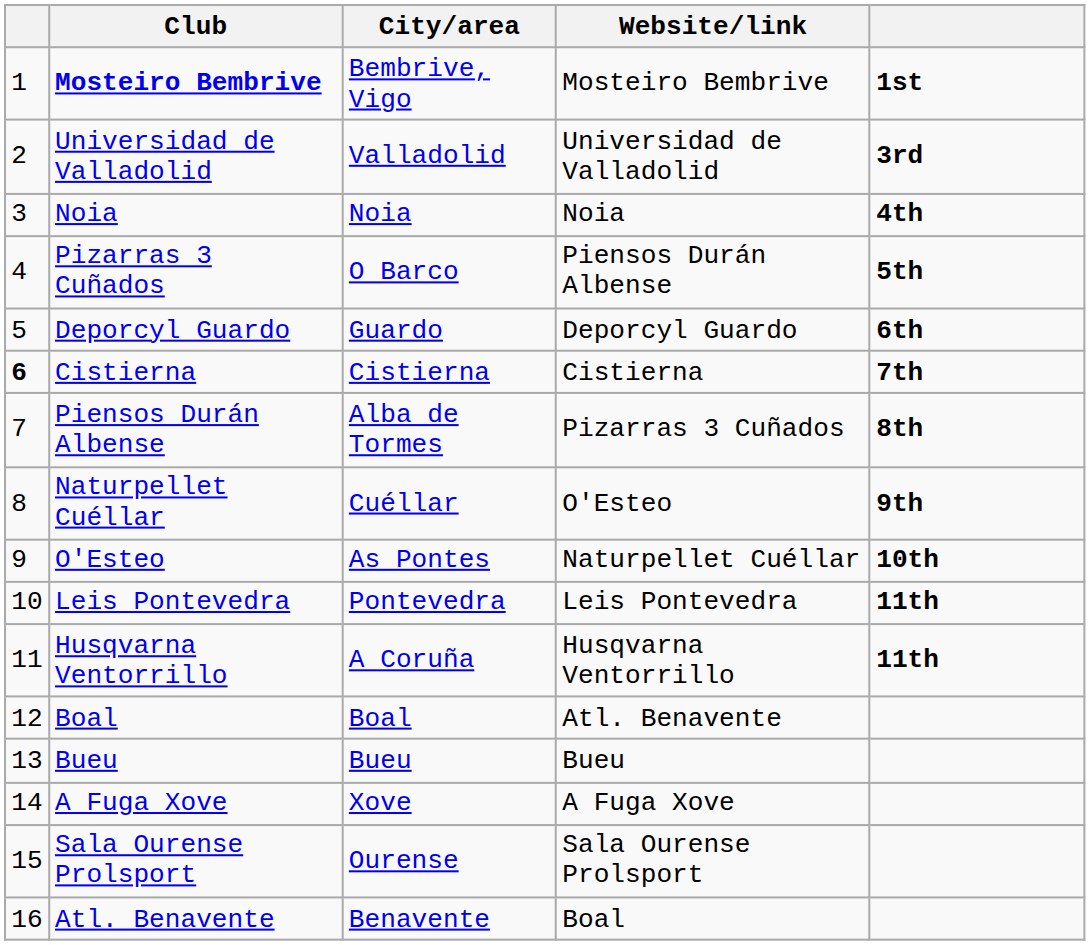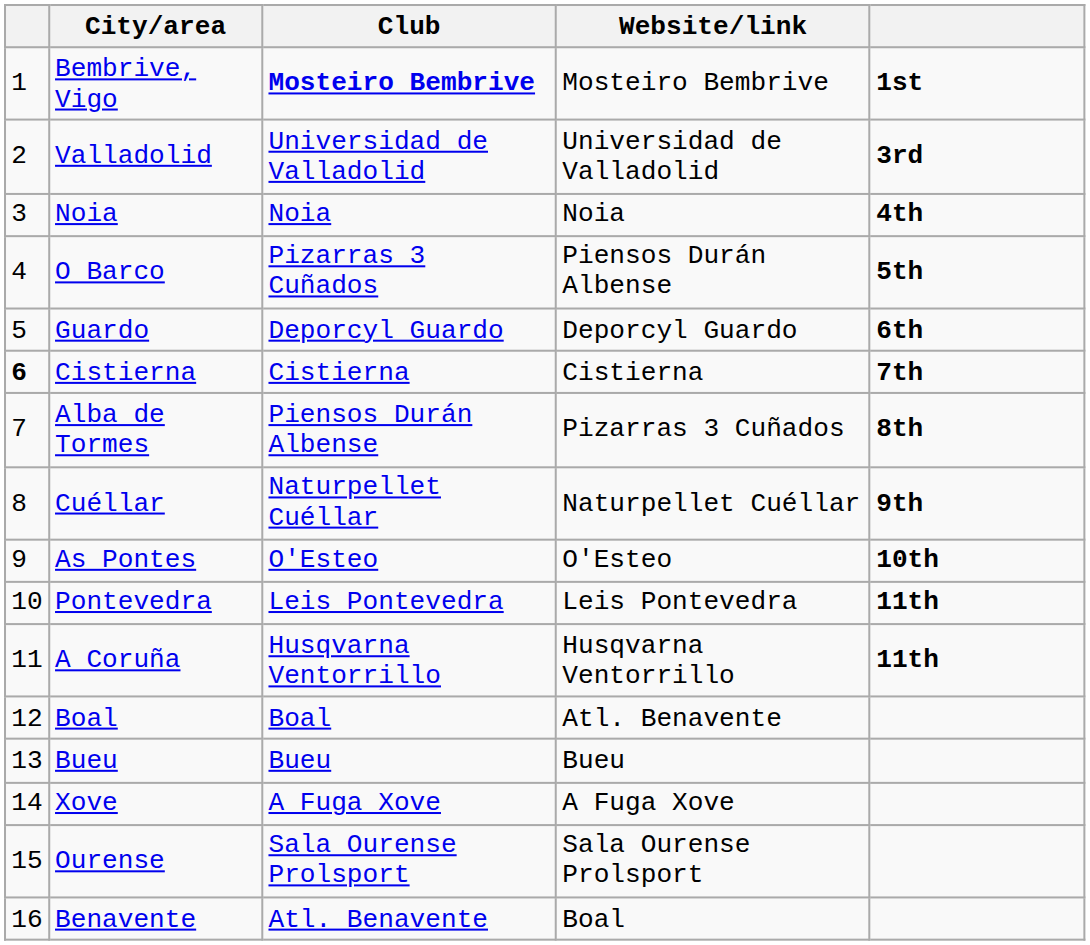 <table class="wikitable sortable">
 <tr>
 <th width=5></th>
+<th width=100>City/area</th>
 <th width=140>Club</th>
-<th width=100>City/area</th>
 <th width=150>Website/link</th>
 <th width=100></th>
 </tr>
 <tr>
 <td>1</td>
+<td><a href='#'>Bembrive, Vigo</a></td>
 <td><strong><a href='#'>Mosteiro Bembrive</a></strong></td>
-<td><a href='#'>Bembrive, Vigo</a></td>
 <td>Mosteiro Bembrive</td>
 <td><strong>1st</strong></td>
 </tr>
 <tr>
 <td>2</td>
+<td><a href='#'>Valladolid</a></td>
 <td><a href='#'>Universidad de Valladolid</a></td>
-<td><a href='#'>Valladolid</a></td>
 <td>Universidad de Valladolid</td>
 <td><strong>3rd</strong></td>
 </tr>
 <tr>
 <td>3</td>
 <td><a href='#'>Noia</a></td>
 <td><a href='#'>Noia</a></td>
 <td>Noia</td>
 <td><strong>4th</strong></td>
 </tr>
 <tr>
 <td>4</td>
+<td><a href='#'>O Barco</a></td>
 <td><a href='#'>Pizarras 3 Cuñados</a></td>
-<td><a href='#'>O Barco</a></td>
 <td>Piensos Durán Albense</td>
 <td><strong>5th</strong></td>
 </tr>
 <tr>
 <td>5</td>
+<td><a href='#'>Guardo</a></td>
 <td><a href='#'>Deporcyl Guardo</a></td>
-<td><a href='#'>Guardo</a></td>
 <td>Deporcyl Guardo</td>
 <td><strong>6th</strong></td>
 </tr>
 <tr>
 <td><strong>6</strong></td>
 <td><a href='#'>Cistierna</a></td>
 <td><a href='#'>Cistierna</a></td>
 <td>Cistierna</td>
 <td><strong>7th</strong></td>
 </tr>
 <tr>
 <td>7</td>
+<td><a href='#'>Alba de Tormes</a></td>
 <td><a href='#'>Piensos Durán Albense</a></td>
-<td><a href='#'>Alba de Tormes</a></td>
 <td>Pizarras 3 Cuñados</td>
 <td><strong>8th</strong></td>
 </tr>
 <tr>
 <td>8</td>
+<td><a href='#'>Cuéllar</a></td>
 <td><a href='#'>Naturpellet Cuéllar</a></td>
-<td><a href='#'>Cuéllar</a></td>
-<td>O'Esteo</td>
+<td>Naturpellet Cuéllar</td>
 <td><strong>9th</strong></td>
 </tr>
 <tr>
 <td>9</td>
+<td><a href='#'>As Pontes</a></td>
 <td><a href='#'>O'Esteo</a></td>
-<td><a href='#'>As Pontes</a></td>
-<td>Naturpellet Cuéllar</td>
+<td>O'Esteo</td>
 <td><strong>10th</strong></td>
 </tr>
 <tr>
 <td>10</td>
+<td><a href='#'>Pontevedra</a></td>
 <td><a href='#'>Leis Pontevedra</a></td>
-<td><a href='#'>Pontevedra</a></td>
 <td>Leis Pontevedra</td>
 <td><strong>11th</strong></td>
 </tr>
 <tr>
 <td>11</td>
+<td><a href='#'>A Coruña</a></td>
 <td><a href='#'>Husqvarna Ventorrillo</a></td>
-<td><a href='#'>A Coruña</a></td>
 <td>Husqvarna Ventorrillo</td>
 <td><strong>11th</strong></td>
 </tr>
 <tr>
 <td>12</td>
 <td><a href='#'>Boal</a></td>
 <td><a href='#'>Boal</a></td>
 <td>Atl. Benavente</td>
 <td><strong></strong></td>
 </tr>
 <tr>
 <td>13</td>
 <td><a href='#'>Bueu</a></td>
 <td><a href='#'>Bueu</a></td>
 <td>Bueu</td>
 <td><strong></strong></td>
 </tr>
 <tr>
 <td>14</td>
+<td><a href='#'>Xove</a></td>
 <td><a href='#'>A Fuga Xove</a></td>
-<td><a href='#'>Xove</a></td>
 <td>A Fuga Xove</td>
 <td><strong></strong></td>
 </tr>
 <tr>
 <td>15</td>
+<td><a href='#'>Ourense</a></td>
 <td><a href='#'>Sala Ourense Prolsport</a></td>
-<td><a href='#'>Ourense</a></td>
 <td>Sala Ourense Prolsport</td>
 <td><strong></strong></td>
 </tr>
 <tr>
 <td>16</td>
+<td><a href='#'>Benavente</a></td>
 <td><a href='#'>Atl. Benavente</a></td>
-<td><a href='#'>Benavente</a></td>
 <td>Boal</td>
 <td><strong></strong></td>
 </tr>
 </table>
